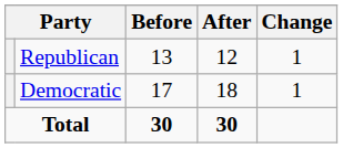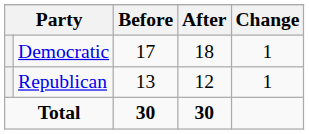 <table class="wikitable" style="text-align:center;">
 <tr>
 </tr>
 <tr>
 <th colspan=2>Party</th>
 <th>Before</th>
 <th>After</th>
 <th>Change</th>
 </tr>
 <tr>
 <th style="background-color:"></th>
-<td style="text-align:left;"><a href='#'>Republican</a></td>
-<td>13</td>
-<td>12</td>
+<td style="text-align:left;"><a href='#'>Democratic</a></td>
+<td>17</td>
+<td>18</td>
 <td> 1</td>
 </tr>
 <tr>
 <th style="background-color:"></th>
-<td style="text-align:left;"><a href='#'>Democratic</a></td>
-<td>17</td>
-<td>18</td>
+<td style="text-align:left;"><a href='#'>Republican</a></td>
+<td>13</td>
+<td>12</td>
 <td> 1</td>
 </tr>
 <tr>
 <td colspan=2><strong>Total</strong></td>
 <td><strong>30</strong></td>
 <td><strong>30</strong></td>
 <td></td>
 </tr>
 </table>
